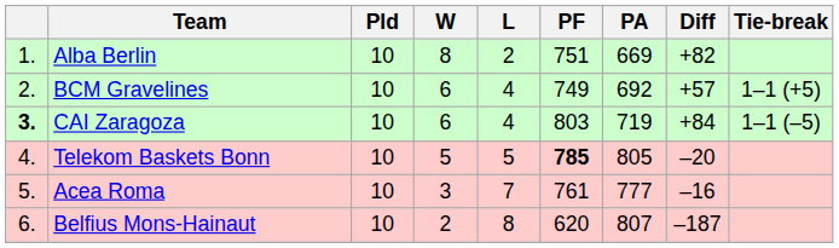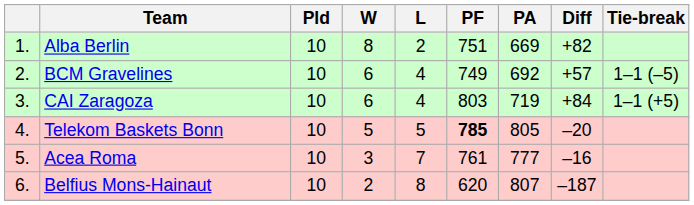 <table class="wikitable" style="text-align:center">
 <tr>
 <th width=25></th>
 <th width=220>Team</th>
 <th width=40>Pld</th>
 <th width=40>W</th>
 <th width=40>L</th>
 <th width=40>PF</th>
 <th width=40>PA</th>
 <th width=40>Diff</th>
 <th>Tie-break</th>
 </tr>
 <tr style="background:#ccffcc;">
 <td>1.</td>
 <td align=left> <a href='#'>Alba Berlin</a></td>
 <td>10</td>
 <td>8</td>
 <td>2</td>
 <td>751</td>
 <td>669</td>
 <td>+82</td>
 <td></td>
 </tr>
 <tr style="background:#ccffcc;">
 <td>2.</td>
 <td align=left> <a href='#'>BCM Gravelines</a></td>
 <td>10</td>
 <td>6</td>
 <td>4</td>
 <td>749</td>
 <td>692</td>
 <td>+57</td>
-<td>1–1 (+5)</td>
+<td>1–1 (–5)</td>
 </tr>
 <tr style="background:#ccffcc;">
-<td><strong>3.</strong></td>
+<td>3.</td>
 <td align=left> <a href='#'>CAI Zaragoza</a></td>
 <td>10</td>
 <td>6</td>
 <td>4</td>
 <td>803</td>
 <td>719</td>
 <td>+84</td>
-<td>1–1 (–5)</td>
+<td>1–1 (+5)</td>
 </tr>
 <tr style="background:#ffcccc;">
 <td>4.</td>
 <td align=left> <a href='#'>Telekom Baskets Bonn</a></td>
 <td>10</td>
 <td>5</td>
 <td>5</td>
 <td><strong>785</strong></td>
 <td>805</td>
 <td>–20</td>
 <td></td>
 </tr>
 <tr style="background:#ffcccc;">
 <td>5.</td>
 <td align=left> <a href='#'>Acea Roma</a></td>
 <td>10</td>
 <td>3</td>
 <td>7</td>
 <td>761</td>
 <td>777</td>
 <td>–16</td>
 <td></td>
 </tr>
 <tr style="background:#ffcccc;">
 <td>6.</td>
 <td align=left> <a href='#'>Belfius Mons-Hainaut</a></td>
 <td>10</td>
 <td>2</td>
 <td>8</td>
 <td>620</td>
 <td>807</td>
 <td>–187</td>
 <td></td>
 </tr>
 <tr>
 </tr>
 </table>
